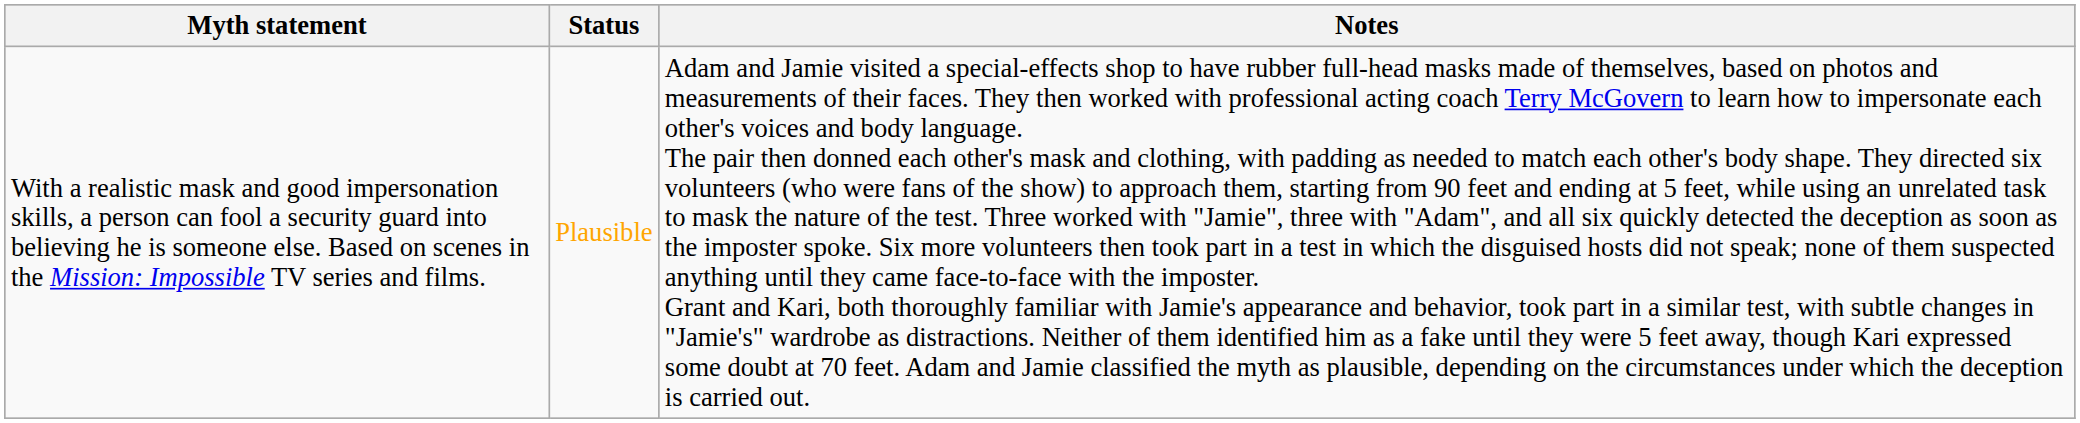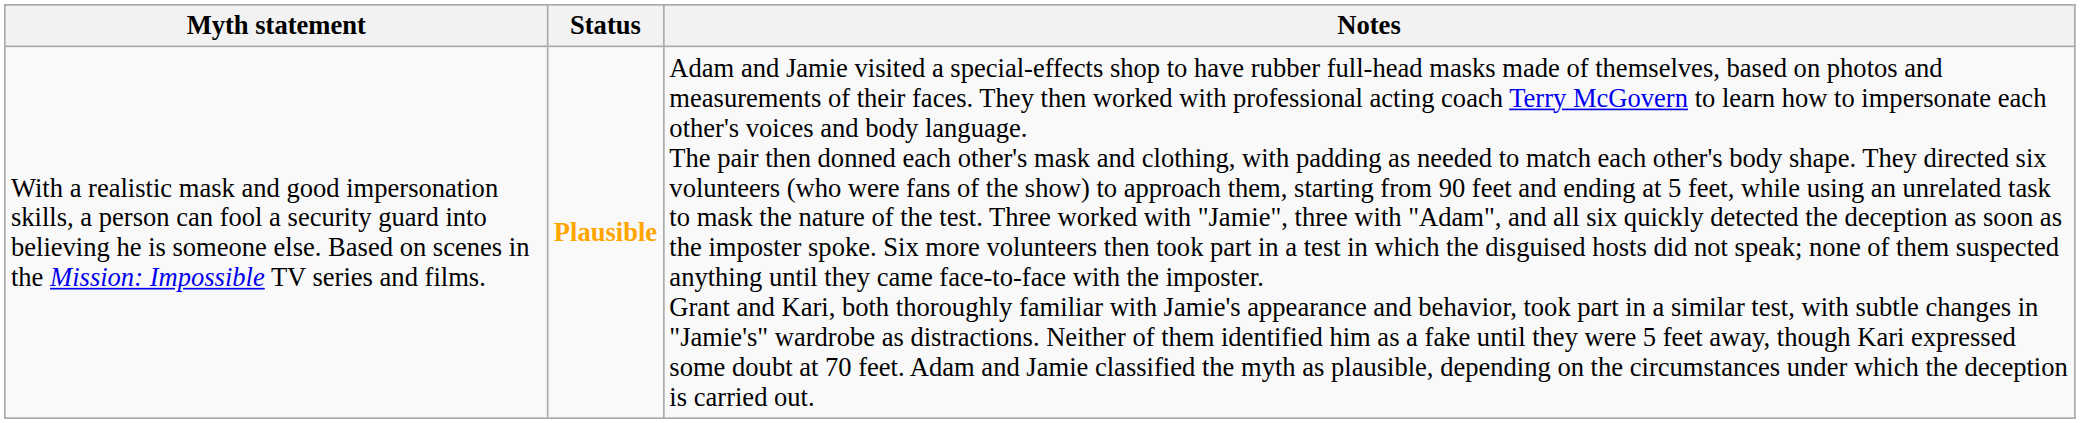 <table class="wikitable plainrowheaders">
 <tr>
 <th>Myth statement</th>
 <th>Status</th>
 <th>Notes</th>
 </tr>
 <tr>
 <td>With a realistic mask and good impersonation skills, a person can fool a security guard into believing he is someone else. Based on scenes in the <em><a href='#'>Mission: Impossible</a></em> TV series and films.</td>
-<td style="color:orange">Plausible</td>
+<td style="color:orange"><strong>Plausible</strong></td>
 <td>Adam and Jamie visited a special-effects shop to have rubber full-head masks made of themselves, based on photos and measurements of their faces. They then worked with professional acting coach <a href='#'>Terry McGovern</a> to learn how to impersonate each other's voices and body language.<br>The pair then donned each other's mask and clothing, with padding as needed to match each other's body shape. They directed six volunteers (who were fans of the show) to approach them, starting from 90 feet and ending at 5 feet, while using an unrelated task to mask the nature of the test. Three worked with "Jamie", three with "Adam", and all six quickly detected the deception as soon as the imposter spoke. Six more volunteers then took part in a test in which the disguised hosts did not speak; none of them suspected anything until they came face-to-face with the imposter.<br>Grant and Kari, both thoroughly familiar with Jamie's appearance and behavior, took part in a similar test, with subtle changes in "Jamie's" wardrobe as distractions. Neither of them identified him as a fake until they were 5 feet away, though Kari expressed some doubt at 70 feet. Adam and Jamie classified the myth as plausible, depending on the circumstances under which the deception is carried out.</td>
 </tr>
 </table>
